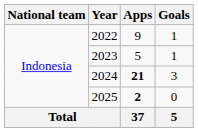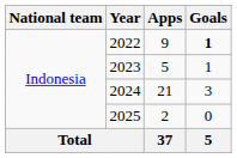 <table class="wikitable" style="text-align:center">
 <tr>
 <th>National team</th>
 <th>Year</th>
 <th>Apps</th>
 <th>Goals</th>
 </tr>
 <tr>
 <td rowspan=4><a href='#'>Indonesia</a></td>
 <td>2022</td>
 <td>9</td>
-<td>1</td>
+<td><strong>1</strong></td>
 </tr>
 <tr>
 <td>2023</td>
 <td>5</td>
 <td>1</td>
 </tr>
 <tr>
 <td>2024</td>
-<td><strong>21</strong></td>
+<td>21</td>
 <td>3</td>
 </tr>
 <tr>
 <td>2025</td>
-<td><strong>2</strong></td>
+<td>2</td>
 <td>0</td>
 </tr>
 <tr>
 <th colspan=2>Total</th>
 <th>37</th>
 <th>5</th>
 </tr>
 </table>
